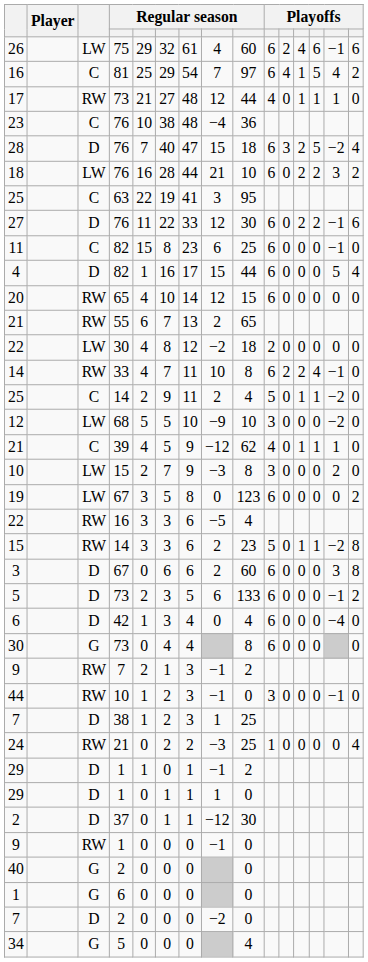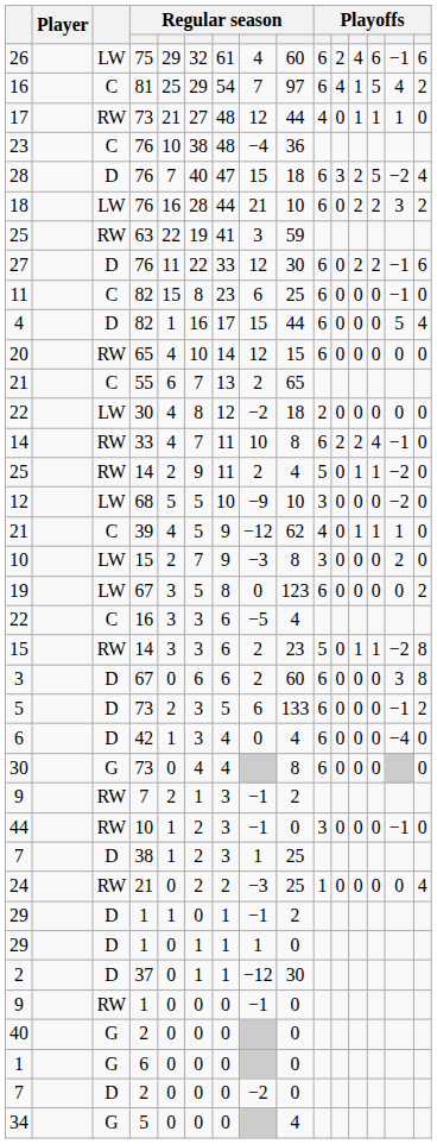 <table class="wikitable sortable plainrowheaders" style="text-align:center;">
 <tr>
 <th scope="col" data-sort-type="number" rowspan="2"></th>
 <th scope="col" rowspan="2">Player</th>
 <th scope="col" rowspan="2"></th>
 <th scope=colgroup colspan=6>Regular season</th>
 <th scope=colgroup colspan=6>Playoffs</th>
 </tr>
 <tr>
 <th scope="col" data-sort-type="number"></th>
 <th scope="col" data-sort-type="number"></th>
 <th scope="col" data-sort-type="number"></th>
 <th scope="col" data-sort-type="number"></th>
 <th scope="col" data-sort-type="number"></th>
 <th scope="col" data-sort-type="number"></th>
 <th scope="col" data-sort-type="number"></th>
 <th scope="col" data-sort-type="number"></th>
 <th scope="col" data-sort-type="number"></th>
 <th scope="col" data-sort-type="number"></th>
 <th scope="col" data-sort-type="number"></th>
 <th scope="col" data-sort-type="number"></th>
 </tr>
 <tr>
 <td scope="row">26</td>
 <td align="left"></td>
 <td>LW</td>
 <td>75</td>
 <td>29</td>
 <td>32</td>
 <td>61</td>
 <td>4</td>
 <td>60</td>
 <td>6</td>
 <td>2</td>
 <td>4</td>
 <td>6</td>
 <td>−1</td>
 <td>6</td>
 </tr>
 <tr>
 <td scope="row">16</td>
 <td align="left"></td>
 <td>C</td>
 <td>81</td>
 <td>25</td>
 <td>29</td>
 <td>54</td>
 <td>7</td>
 <td>97</td>
 <td>6</td>
 <td>4</td>
 <td>1</td>
 <td>5</td>
 <td>4</td>
 <td>2</td>
 </tr>
 <tr>
 <td scope="row">17</td>
 <td align="left"></td>
 <td>RW</td>
 <td>73</td>
 <td>21</td>
 <td>27</td>
 <td>48</td>
 <td>12</td>
 <td>44</td>
 <td>4</td>
 <td>0</td>
 <td>1</td>
 <td>1</td>
 <td>1</td>
 <td>0</td>
 </tr>
 <tr>
 <td scope="row">23</td>
 <td align="left"></td>
 <td>C</td>
 <td>76</td>
 <td>10</td>
 <td>38</td>
 <td>48</td>
 <td>−4</td>
 <td>36</td>
 <td></td>
 <td></td>
 <td></td>
 <td></td>
 <td></td>
 <td></td>
 </tr>
 <tr>
 <td scope="row">28</td>
 <td align="left"></td>
 <td>D</td>
 <td>76</td>
 <td>7</td>
 <td>40</td>
 <td>47</td>
 <td>15</td>
 <td>18</td>
 <td>6</td>
 <td>3</td>
 <td>2</td>
 <td>5</td>
 <td>−2</td>
 <td>4</td>
 </tr>
 <tr>
 <td scope="row">18</td>
 <td align="left"></td>
 <td>LW</td>
 <td>76</td>
 <td>16</td>
 <td>28</td>
 <td>44</td>
 <td>21</td>
 <td>10</td>
 <td>6</td>
 <td>0</td>
 <td>2</td>
 <td>2</td>
 <td>3</td>
 <td>2</td>
 </tr>
 <tr>
 <td scope="row">25</td>
 <td align="left"></td>
-<td>C</td>
+<td>RW</td>
 <td>63</td>
 <td>22</td>
 <td>19</td>
 <td>41</td>
 <td>3</td>
-<td>95</td>
+<td>59</td>
 <td></td>
 <td></td>
 <td></td>
 <td></td>
 <td></td>
 <td></td>
 </tr>
 <tr>
 <td scope="row">27</td>
 <td align="left"></td>
 <td>D</td>
 <td>76</td>
 <td>11</td>
 <td>22</td>
 <td>33</td>
 <td>12</td>
 <td>30</td>
 <td>6</td>
 <td>0</td>
 <td>2</td>
 <td>2</td>
 <td>−1</td>
 <td>6</td>
 </tr>
 <tr>
 <td scope="row">11</td>
 <td align="left"></td>
 <td>C</td>
 <td>82</td>
 <td>15</td>
 <td>8</td>
 <td>23</td>
 <td>6</td>
 <td>25</td>
 <td>6</td>
 <td>0</td>
 <td>0</td>
 <td>0</td>
 <td>−1</td>
 <td>0</td>
 </tr>
 <tr>
 <td scope="row">4</td>
 <td align="left"></td>
 <td>D</td>
 <td>82</td>
 <td>1</td>
 <td>16</td>
 <td>17</td>
 <td>15</td>
 <td>44</td>
 <td>6</td>
 <td>0</td>
 <td>0</td>
 <td>0</td>
 <td>5</td>
 <td>4</td>
 </tr>
 <tr>
 <td scope="row">20</td>
 <td align="left"></td>
 <td>RW</td>
 <td>65</td>
 <td>4</td>
 <td>10</td>
 <td>14</td>
 <td>12</td>
 <td>15</td>
 <td>6</td>
 <td>0</td>
 <td>0</td>
 <td>0</td>
 <td>0</td>
 <td>0</td>
 </tr>
 <tr>
 <td scope="row">21</td>
 <td align="left"></td>
-<td>RW</td>
+<td>C</td>
 <td>55</td>
 <td>6</td>
 <td>7</td>
 <td>13</td>
 <td>2</td>
 <td>65</td>
 <td></td>
 <td></td>
 <td></td>
 <td></td>
 <td></td>
 <td></td>
 </tr>
 <tr>
 <td scope="row">22</td>
 <td align="left"></td>
 <td>LW</td>
 <td>30</td>
 <td>4</td>
 <td>8</td>
 <td>12</td>
 <td>−2</td>
 <td>18</td>
 <td>2</td>
 <td>0</td>
 <td>0</td>
 <td>0</td>
 <td>0</td>
 <td>0</td>
 </tr>
 <tr>
 <td scope="row">14</td>
 <td align="left"></td>
 <td>RW</td>
 <td>33</td>
 <td>4</td>
 <td>7</td>
 <td>11</td>
 <td>10</td>
 <td>8</td>
 <td>6</td>
 <td>2</td>
 <td>2</td>
 <td>4</td>
 <td>−1</td>
 <td>0</td>
 </tr>
 <tr>
 <td scope="row">25</td>
 <td align="left"></td>
-<td>C</td>
+<td>RW</td>
 <td>14</td>
 <td>2</td>
 <td>9</td>
 <td>11</td>
 <td>2</td>
 <td>4</td>
 <td>5</td>
 <td>0</td>
 <td>1</td>
 <td>1</td>
 <td>−2</td>
 <td>0</td>
 </tr>
 <tr>
 <td scope="row">12</td>
 <td align="left"></td>
 <td>LW</td>
 <td>68</td>
 <td>5</td>
 <td>5</td>
 <td>10</td>
 <td>−9</td>
 <td>10</td>
 <td>3</td>
 <td>0</td>
 <td>0</td>
 <td>0</td>
 <td>−2</td>
 <td>0</td>
 </tr>
 <tr>
 <td scope="row">21</td>
 <td align="left"></td>
 <td>C</td>
 <td>39</td>
 <td>4</td>
 <td>5</td>
 <td>9</td>
 <td>−12</td>
 <td>62</td>
 <td>4</td>
 <td>0</td>
 <td>1</td>
 <td>1</td>
 <td>1</td>
 <td>0</td>
 </tr>
 <tr>
 <td scope="row">10</td>
 <td align="left"></td>
 <td>LW</td>
 <td>15</td>
 <td>2</td>
 <td>7</td>
 <td>9</td>
 <td>−3</td>
 <td>8</td>
 <td>3</td>
 <td>0</td>
 <td>0</td>
 <td>0</td>
 <td>2</td>
 <td>0</td>
 </tr>
 <tr>
 <td scope="row">19</td>
 <td align="left"></td>
 <td>LW</td>
 <td>67</td>
 <td>3</td>
 <td>5</td>
 <td>8</td>
 <td>0</td>
 <td>123</td>
 <td>6</td>
 <td>0</td>
 <td>0</td>
 <td>0</td>
 <td>0</td>
 <td>2</td>
 </tr>
 <tr>
 <td scope="row">22</td>
 <td align="left"></td>
-<td>RW</td>
+<td>C</td>
 <td>16</td>
 <td>3</td>
 <td>3</td>
 <td>6</td>
 <td>−5</td>
 <td>4</td>
 <td></td>
 <td></td>
 <td></td>
 <td></td>
 <td></td>
 <td></td>
 </tr>
 <tr>
 <td scope="row">15</td>
 <td align="left"></td>
 <td>RW</td>
 <td>14</td>
 <td>3</td>
 <td>3</td>
 <td>6</td>
 <td>2</td>
 <td>23</td>
 <td>5</td>
 <td>0</td>
 <td>1</td>
 <td>1</td>
 <td>−2</td>
 <td>8</td>
 </tr>
 <tr>
 <td scope="row">3</td>
 <td align="left"></td>
 <td>D</td>
 <td>67</td>
 <td>0</td>
 <td>6</td>
 <td>6</td>
 <td>2</td>
 <td>60</td>
 <td>6</td>
 <td>0</td>
 <td>0</td>
 <td>0</td>
 <td>3</td>
 <td>8</td>
 </tr>
 <tr>
 <td scope="row">5</td>
 <td align="left"></td>
 <td>D</td>
 <td>73</td>
 <td>2</td>
 <td>3</td>
 <td>5</td>
 <td>6</td>
 <td>133</td>
 <td>6</td>
 <td>0</td>
 <td>0</td>
 <td>0</td>
 <td>−1</td>
 <td>2</td>
 </tr>
 <tr>
 <td scope="row">6</td>
 <td align="left"></td>
 <td>D</td>
 <td>42</td>
 <td>1</td>
 <td>3</td>
 <td>4</td>
 <td>0</td>
 <td>4</td>
 <td>6</td>
 <td>0</td>
 <td>0</td>
 <td>0</td>
 <td>−4</td>
 <td>0</td>
 </tr>
 <tr>
 <td scope="row">30</td>
 <td align="left"></td>
 <td>G</td>
 <td>73</td>
 <td>0</td>
 <td>4</td>
 <td>4</td>
 <td style="background:#ccc"></td>
 <td>8</td>
 <td>6</td>
 <td>0</td>
 <td>0</td>
 <td>0</td>
 <td style="background:#ccc"></td>
 <td>0</td>
 </tr>
 <tr>
 <td scope="row">9</td>
 <td align="left"></td>
 <td>RW</td>
 <td>7</td>
 <td>2</td>
 <td>1</td>
 <td>3</td>
 <td>−1</td>
 <td>2</td>
 <td></td>
 <td></td>
 <td></td>
 <td></td>
 <td></td>
 <td></td>
 </tr>
 <tr>
 <td scope="row">44</td>
 <td align="left"></td>
 <td>RW</td>
 <td>10</td>
 <td>1</td>
 <td>2</td>
 <td>3</td>
 <td>−1</td>
 <td>0</td>
 <td>3</td>
 <td>0</td>
 <td>0</td>
 <td>0</td>
 <td>−1</td>
 <td>0</td>
 </tr>
 <tr>
 <td scope="row">7</td>
 <td align="left"></td>
 <td>D</td>
 <td>38</td>
 <td>1</td>
 <td>2</td>
 <td>3</td>
 <td>1</td>
 <td>25</td>
 <td></td>
 <td></td>
 <td></td>
 <td></td>
 <td></td>
 <td></td>
 </tr>
 <tr>
 <td scope="row">24</td>
 <td align="left"></td>
 <td>RW</td>
 <td>21</td>
 <td>0</td>
 <td>2</td>
 <td>2</td>
 <td>−3</td>
 <td>25</td>
 <td>1</td>
 <td>0</td>
 <td>0</td>
 <td>0</td>
 <td>0</td>
 <td>4</td>
 </tr>
 <tr>
 <td scope="row">29</td>
 <td align="left"></td>
 <td>D</td>
 <td>1</td>
 <td>1</td>
 <td>0</td>
 <td>1</td>
 <td>−1</td>
 <td>2</td>
 <td></td>
 <td></td>
 <td></td>
 <td></td>
 <td></td>
 <td></td>
 </tr>
 <tr>
 <td scope="row">29</td>
 <td align="left"></td>
 <td>D</td>
 <td>1</td>
 <td>0</td>
 <td>1</td>
 <td>1</td>
 <td>1</td>
 <td>0</td>
 <td></td>
 <td></td>
 <td></td>
 <td></td>
 <td></td>
 <td></td>
 </tr>
 <tr>
 <td scope="row">2</td>
 <td align="left"></td>
 <td>D</td>
 <td>37</td>
 <td>0</td>
 <td>1</td>
 <td>1</td>
 <td>−12</td>
 <td>30</td>
 <td></td>
 <td></td>
 <td></td>
 <td></td>
 <td></td>
 <td></td>
 </tr>
 <tr>
 <td scope="row">9</td>
 <td align="left"></td>
 <td>RW</td>
 <td>1</td>
 <td>0</td>
 <td>0</td>
 <td>0</td>
 <td>−1</td>
 <td>0</td>
 <td></td>
 <td></td>
 <td></td>
 <td></td>
 <td></td>
 <td></td>
 </tr>
 <tr>
 <td scope="row">40</td>
 <td align="left"></td>
 <td>G</td>
 <td>2</td>
 <td>0</td>
 <td>0</td>
 <td>0</td>
 <td style="background:#ccc"></td>
 <td>0</td>
 <td></td>
 <td></td>
 <td></td>
 <td></td>
 <td></td>
 <td></td>
 </tr>
 <tr>
 <td scope="row">1</td>
 <td align="left"></td>
 <td>G</td>
 <td>6</td>
 <td>0</td>
 <td>0</td>
 <td>0</td>
 <td style="background:#ccc"></td>
 <td>0</td>
 <td></td>
 <td></td>
 <td></td>
 <td></td>
 <td></td>
 <td></td>
 </tr>
 <tr>
 <td scope="row">7</td>
 <td align="left"></td>
 <td>D</td>
 <td>2</td>
 <td>0</td>
 <td>0</td>
 <td>0</td>
 <td>−2</td>
 <td>0</td>
 <td></td>
 <td></td>
 <td></td>
 <td></td>
 <td></td>
 <td></td>
 </tr>
 <tr>
 <td scope="row">34</td>
 <td align="left"></td>
 <td>G</td>
 <td>5</td>
 <td>0</td>
 <td>0</td>
 <td>0</td>
 <td style="background:#ccc"></td>
 <td>4</td>
 <td></td>
 <td></td>
 <td></td>
 <td></td>
 <td></td>
 <td></td>
 </tr>
 </table>
